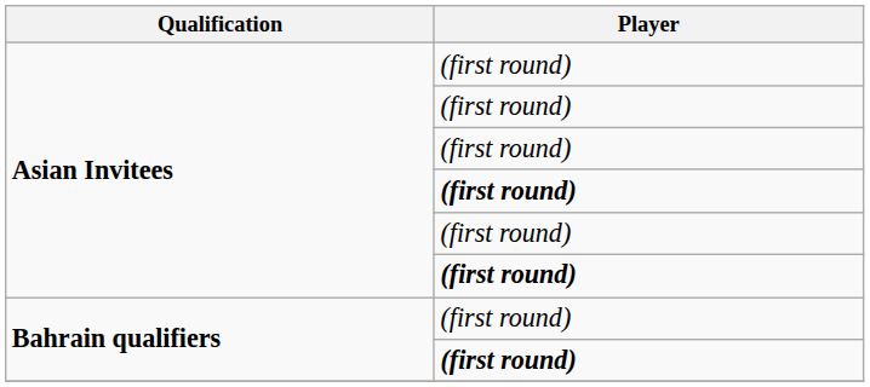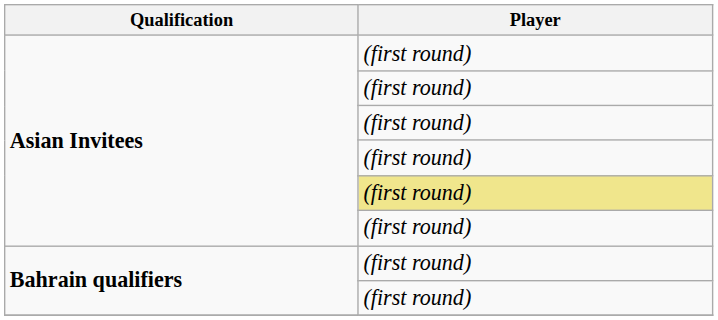 <table class="wikitable">
 <tr style="font-size:10pt;font-weight:bold">
 <th width="250">Qualification</th>
 <th width="250">Player</th>
 </tr>
 <tr>
 <td rowspan="6"><strong>Asian Invitees</strong></td>
 <td> <em>(first round)</em></td>
 </tr>
 <tr>
 <td> <em>(first round)</em></td>
 </tr>
 <tr>
 <td> <em>(first round)</em></td>
 </tr>
 <tr>
-<td><strong> <em>(first round)</em></strong></td>
+<td> <em>(first round)</em></td>
+</tr>
+<tr>
+<td style="background: khaki;"> <em>(first round)</em></td>
 </tr>
 <tr>
 <td> <em>(first round)</em></td>
-</tr>
-<tr>
-<td><strong> <em>(first round)</em></strong></td>
 </tr>
 <tr>
 <td rowspan="2"><strong>Bahrain qualifiers</strong></td>
 <td> <em>(first round)</em></td>
 </tr>
 <tr>
-<td><strong> <em>(first round)</em></strong></td>
+<td> <em>(first round)</em></td>
 </tr>
 <tr>
 </tr>
 </table>
